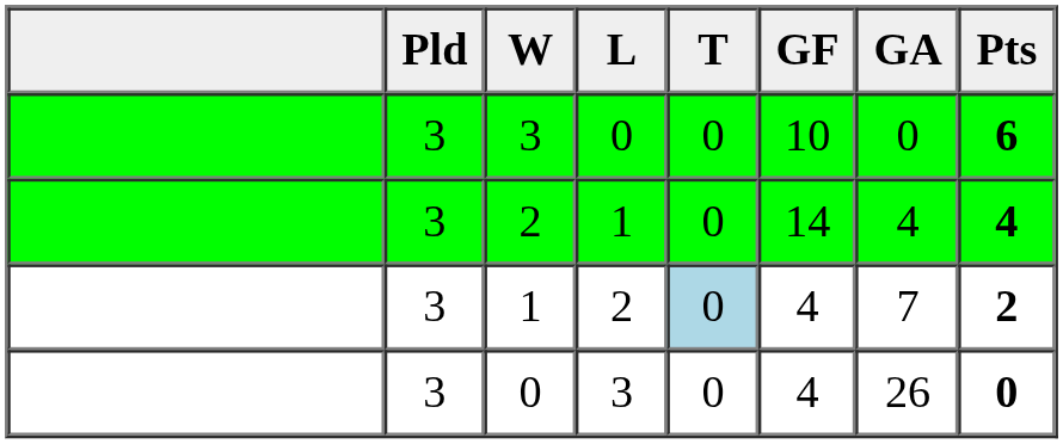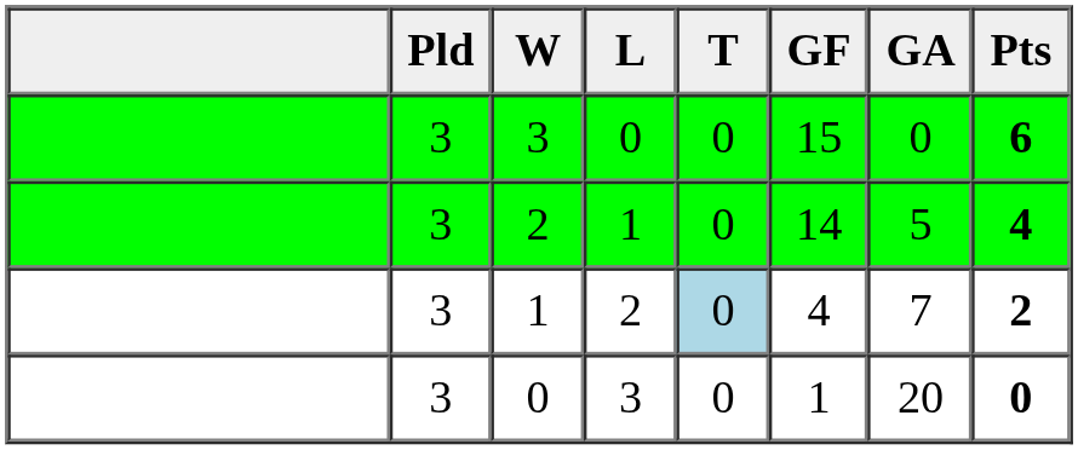 <table border=1 cellpadding=5 cellspacing=0>
 <tr>
 <th bgcolor="#efefef" width="120"></th>
 <th bgcolor="#efefef" width="20">Pld</th>
 <th bgcolor="#efefef" width="20">W</th>
 <th bgcolor="#efefef" width="20">L</th>
 <th bgcolor="#efefef" width="20">T</th>
 <th bgcolor="#efefef" width="20">GF</th>
 <th bgcolor="#efefef" width="20">GA</th>
 <th bgcolor="#efefef" width="20">Pts</th>
 </tr>
 <tr align=center bgcolor="lime">
 <td align=left></td>
 <td>3</td>
 <td>3</td>
 <td>0</td>
 <td>0</td>
-<td>10</td>
+<td>15</td>
 <td>0</td>
 <td><strong>6</strong></td>
 </tr>
 <tr align=center bgcolor="lime">
 <td align=left></td>
 <td>3</td>
 <td>2</td>
 <td>1</td>
 <td>0</td>
 <td>14</td>
-<td>4</td>
+<td>5</td>
 <td><strong>4</strong></td>
 </tr>
 <tr align=center>
 <td align=left></td>
 <td>3</td>
 <td>1</td>
 <td>2</td>
 <td style="background: lightblue;">0</td>
 <td>4</td>
 <td>7</td>
 <td><strong>2</strong></td>
 </tr>
 <tr align=center>
 <td align=left></td>
 <td>3</td>
 <td>0</td>
 <td>3</td>
 <td>0</td>
-<td>4</td>
-<td>26</td>
+<td>1</td>
+<td>20</td>
 <td><strong>0</strong></td>
 </tr>
 <tr align=center>
 </tr>
 </table>
